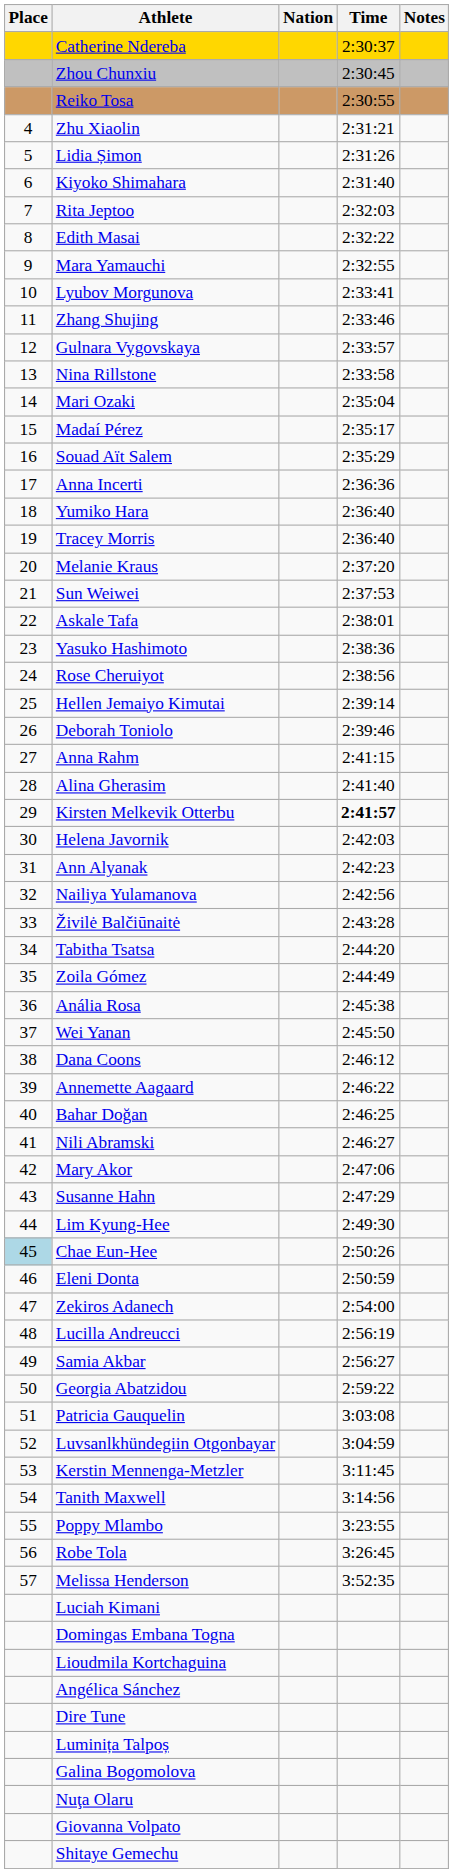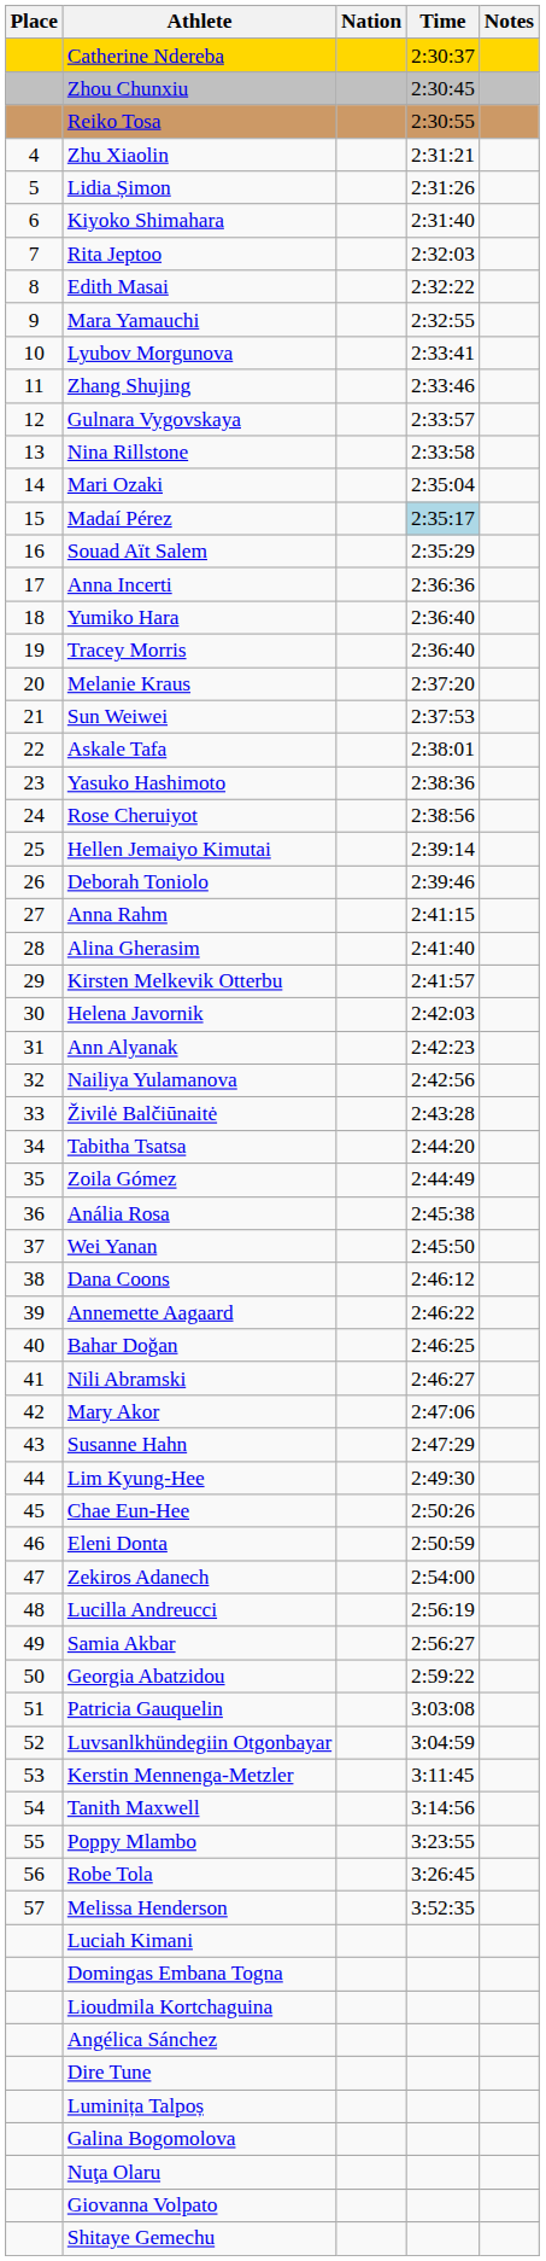 <table class="wikitable sortable" style="text-align:center">
 <tr>
 <th>Place</th>
 <th>Athlete</th>
 <th>Nation</th>
 <th>Time</th>
 <th>Notes</th>
 </tr>
 <tr bgcolor=gold>
 <td></td>
 <td align=left><a href='#'>Catherine Ndereba</a></td>
 <td align=left></td>
 <td>2:30:37</td>
 <td></td>
 </tr>
 <tr bgcolor=silver>
 <td></td>
 <td align=left><a href='#'>Zhou Chunxiu</a></td>
 <td align=left></td>
 <td>2:30:45</td>
 <td></td>
 </tr>
 <tr bgcolor=cc9966>
 <td></td>
 <td align=left><a href='#'>Reiko Tosa</a></td>
 <td align=left></td>
 <td>2:30:55</td>
 <td></td>
 </tr>
 <tr>
 <td>4</td>
 <td align=left><a href='#'>Zhu Xiaolin</a></td>
 <td align=left></td>
 <td>2:31:21</td>
 <td></td>
 </tr>
 <tr>
 <td>5</td>
 <td align=left><a href='#'>Lidia Șimon</a></td>
 <td align=left></td>
 <td>2:31:26</td>
 <td></td>
 </tr>
 <tr>
 <td>6</td>
 <td align=left><a href='#'>Kiyoko Shimahara</a></td>
 <td align=left></td>
 <td>2:31:40</td>
 <td></td>
 </tr>
 <tr>
 <td>7</td>
 <td align=left><a href='#'>Rita Jeptoo</a></td>
 <td align=left></td>
 <td>2:32:03</td>
 <td></td>
 </tr>
 <tr>
 <td>8</td>
 <td align=left><a href='#'>Edith Masai</a></td>
 <td align=left></td>
 <td>2:32:22</td>
 <td></td>
 </tr>
 <tr>
 <td>9</td>
 <td align=left><a href='#'>Mara Yamauchi</a></td>
 <td align=left></td>
 <td>2:32:55</td>
 <td></td>
 </tr>
 <tr>
 <td>10</td>
 <td align=left><a href='#'>Lyubov Morgunova</a></td>
 <td align=left></td>
 <td>2:33:41</td>
 <td></td>
 </tr>
 <tr>
 <td>11</td>
 <td align=left><a href='#'>Zhang Shujing</a></td>
 <td align=left></td>
 <td>2:33:46</td>
 <td></td>
 </tr>
 <tr>
 <td>12</td>
 <td align=left><a href='#'>Gulnara Vygovskaya</a></td>
 <td align=left></td>
 <td>2:33:57</td>
 <td></td>
 </tr>
 <tr>
 <td>13</td>
 <td align=left><a href='#'>Nina Rillstone</a></td>
 <td align=left></td>
 <td>2:33:58</td>
 <td></td>
 </tr>
 <tr>
 <td>14</td>
 <td align=left><a href='#'>Mari Ozaki</a></td>
 <td align=left></td>
 <td>2:35:04</td>
 <td></td>
 </tr>
 <tr>
 <td>15</td>
 <td align=left><a href='#'>Madaí Pérez</a></td>
 <td align=left></td>
-<td>2:35:17</td>
+<td style="background: lightblue;">2:35:17</td>
 <td></td>
 </tr>
 <tr>
 <td>16</td>
 <td align=left><a href='#'>Souad Aït Salem</a></td>
 <td align=left></td>
 <td>2:35:29</td>
 <td></td>
 </tr>
 <tr>
 <td>17</td>
 <td align=left><a href='#'>Anna Incerti</a></td>
 <td align=left></td>
 <td>2:36:36</td>
 <td></td>
 </tr>
 <tr>
 <td>18</td>
 <td align=left><a href='#'>Yumiko Hara</a></td>
 <td align=left></td>
 <td>2:36:40</td>
 <td></td>
 </tr>
 <tr>
 <td>19</td>
 <td align=left><a href='#'>Tracey Morris</a></td>
 <td align=left></td>
 <td>2:36:40</td>
 <td></td>
 </tr>
 <tr>
 <td>20</td>
 <td align=left><a href='#'>Melanie Kraus</a></td>
 <td align=left></td>
 <td>2:37:20</td>
 <td></td>
 </tr>
 <tr>
 <td>21</td>
 <td align=left><a href='#'>Sun Weiwei</a></td>
 <td align=left></td>
 <td>2:37:53</td>
 <td></td>
 </tr>
 <tr>
 <td>22</td>
 <td align=left><a href='#'>Askale Tafa</a></td>
 <td align=left></td>
 <td>2:38:01</td>
 <td></td>
 </tr>
 <tr>
 <td>23</td>
 <td align=left><a href='#'>Yasuko Hashimoto</a></td>
 <td align=left></td>
 <td>2:38:36</td>
 <td></td>
 </tr>
 <tr>
 <td>24</td>
 <td align=left><a href='#'>Rose Cheruiyot</a></td>
 <td align=left></td>
 <td>2:38:56</td>
 <td></td>
 </tr>
 <tr>
 <td>25</td>
 <td align=left><a href='#'>Hellen Jemaiyo Kimutai</a></td>
 <td align=left></td>
 <td>2:39:14</td>
 <td></td>
 </tr>
 <tr>
 <td>26</td>
 <td align=left><a href='#'>Deborah Toniolo</a></td>
 <td align=left></td>
 <td>2:39:46</td>
 <td></td>
 </tr>
 <tr>
 <td>27</td>
 <td align=left><a href='#'>Anna Rahm</a></td>
 <td align=left></td>
 <td>2:41:15</td>
 <td></td>
 </tr>
 <tr>
 <td>28</td>
 <td align=left><a href='#'>Alina Gherasim</a></td>
 <td align=left></td>
 <td>2:41:40</td>
 <td></td>
 </tr>
 <tr>
 <td>29</td>
 <td align=left><a href='#'>Kirsten Melkevik Otterbu</a></td>
 <td align=left></td>
-<td><strong>2:41:57</strong></td>
+<td>2:41:57</td>
 <td></td>
 </tr>
 <tr>
 <td>30</td>
 <td align=left><a href='#'>Helena Javornik</a></td>
 <td align=left></td>
 <td>2:42:03</td>
 <td></td>
 </tr>
 <tr>
 <td>31</td>
 <td align=left><a href='#'>Ann Alyanak</a></td>
 <td align=left></td>
 <td>2:42:23</td>
 <td></td>
 </tr>
 <tr>
 <td>32</td>
 <td align=left><a href='#'>Nailiya Yulamanova</a></td>
 <td align=left></td>
 <td>2:42:56</td>
 <td></td>
 </tr>
 <tr>
 <td>33</td>
 <td align=left><a href='#'>Živilė Balčiūnaitė</a></td>
 <td align=left></td>
 <td>2:43:28</td>
 <td></td>
 </tr>
 <tr>
 <td>34</td>
 <td align=left><a href='#'>Tabitha Tsatsa</a></td>
 <td align=left></td>
 <td>2:44:20</td>
 <td></td>
 </tr>
 <tr>
 <td>35</td>
 <td align=left><a href='#'>Zoila Gómez</a></td>
 <td align=left></td>
 <td>2:44:49</td>
 <td></td>
 </tr>
 <tr>
 <td>36</td>
 <td align=left><a href='#'>Anália Rosa</a></td>
 <td align=left></td>
 <td>2:45:38</td>
 <td></td>
 </tr>
 <tr>
 <td>37</td>
 <td align=left><a href='#'>Wei Yanan</a></td>
 <td align=left></td>
 <td>2:45:50</td>
 <td></td>
 </tr>
 <tr>
 <td>38</td>
 <td align=left><a href='#'>Dana Coons</a></td>
 <td align=left></td>
 <td>2:46:12</td>
 <td></td>
 </tr>
 <tr>
 <td>39</td>
 <td align=left><a href='#'>Annemette Aagaard</a></td>
 <td align=left></td>
 <td>2:46:22</td>
 <td></td>
 </tr>
 <tr>
 <td>40</td>
 <td align=left><a href='#'>Bahar Doğan</a></td>
 <td align=left></td>
 <td>2:46:25</td>
 <td></td>
 </tr>
 <tr>
 <td>41</td>
 <td align=left><a href='#'>Nili Abramski</a></td>
 <td align=left></td>
 <td>2:46:27</td>
 <td></td>
 </tr>
 <tr>
 <td>42</td>
 <td align=left><a href='#'>Mary Akor</a></td>
 <td align=left></td>
 <td>2:47:06</td>
 <td></td>
 </tr>
 <tr>
 <td>43</td>
 <td align=left><a href='#'>Susanne Hahn</a></td>
 <td align=left></td>
 <td>2:47:29</td>
 <td></td>
 </tr>
 <tr>
 <td>44</td>
 <td align=left><a href='#'>Lim Kyung-Hee</a></td>
 <td align=left></td>
 <td>2:49:30</td>
 <td></td>
 </tr>
 <tr>
-<td style="background: lightblue;">45</td>
+<td>45</td>
 <td align=left><a href='#'>Chae Eun-Hee</a></td>
 <td align=left></td>
 <td>2:50:26</td>
 <td></td>
 </tr>
 <tr>
 <td>46</td>
 <td align=left><a href='#'>Eleni Donta</a></td>
 <td align=left></td>
 <td>2:50:59</td>
 <td></td>
 </tr>
 <tr>
 <td>47</td>
 <td align=left><a href='#'>Zekiros Adanech</a></td>
 <td align=left></td>
 <td>2:54:00</td>
 <td></td>
 </tr>
 <tr>
 <td>48</td>
 <td align=left><a href='#'>Lucilla Andreucci</a></td>
 <td align=left></td>
 <td>2:56:19</td>
 <td></td>
 </tr>
 <tr>
 <td>49</td>
 <td align=left><a href='#'>Samia Akbar</a></td>
 <td align=left></td>
 <td>2:56:27</td>
 <td></td>
 </tr>
 <tr>
 <td>50</td>
 <td align=left><a href='#'>Georgia Abatzidou</a></td>
 <td align=left></td>
 <td>2:59:22</td>
 <td></td>
 </tr>
 <tr>
 <td>51</td>
 <td align=left><a href='#'>Patricia Gauquelin</a></td>
 <td align=left></td>
 <td>3:03:08</td>
 <td></td>
 </tr>
 <tr>
 <td>52</td>
 <td align=left><a href='#'>Luvsanlkhündegiin Otgonbayar</a></td>
 <td align=left></td>
 <td>3:04:59</td>
 <td></td>
 </tr>
 <tr>
 <td>53</td>
 <td align=left><a href='#'>Kerstin Mennenga-Metzler</a></td>
 <td align=left></td>
 <td>3:11:45</td>
 <td></td>
 </tr>
 <tr>
 <td>54</td>
 <td align=left><a href='#'>Tanith Maxwell</a></td>
 <td align=left></td>
 <td>3:14:56</td>
 <td></td>
 </tr>
 <tr>
 <td>55</td>
 <td align=left><a href='#'>Poppy Mlambo</a></td>
 <td align=left></td>
 <td>3:23:55</td>
 <td></td>
 </tr>
 <tr>
 <td>56</td>
 <td align=left><a href='#'>Robe Tola</a></td>
 <td align=left></td>
 <td>3:26:45</td>
 <td></td>
 </tr>
 <tr>
 <td>57</td>
 <td align=left><a href='#'>Melissa Henderson</a></td>
 <td align=left></td>
 <td>3:52:35</td>
 <td></td>
 </tr>
 <tr>
 <td></td>
 <td align=left><a href='#'>Luciah Kimani</a></td>
 <td align=left></td>
 <td></td>
 <td></td>
 </tr>
 <tr>
 <td></td>
 <td align=left><a href='#'>Domingas Embana Togna</a></td>
 <td align=left></td>
 <td></td>
 <td></td>
 </tr>
 <tr>
 <td></td>
 <td align=left><a href='#'>Lioudmila Kortchaguina</a></td>
 <td align=left></td>
 <td></td>
 <td></td>
 </tr>
 <tr>
 <td></td>
 <td align=left><a href='#'>Angélica Sánchez</a></td>
 <td align=left></td>
 <td></td>
 <td></td>
 </tr>
 <tr>
 <td></td>
 <td align=left><a href='#'>Dire Tune</a></td>
 <td align=left></td>
 <td></td>
 <td></td>
 </tr>
 <tr>
 <td></td>
 <td align=left><a href='#'>Luminița Talpoș</a></td>
 <td align=left></td>
 <td></td>
 <td></td>
 </tr>
 <tr>
 <td></td>
 <td align=left><a href='#'>Galina Bogomolova</a></td>
 <td align=left></td>
 <td></td>
 <td></td>
 </tr>
 <tr>
 <td></td>
 <td align=left><a href='#'>Nuţa Olaru</a></td>
 <td align=left></td>
 <td></td>
 <td></td>
 </tr>
 <tr>
 <td></td>
 <td align=left><a href='#'>Giovanna Volpato</a></td>
 <td align=left></td>
 <td></td>
 <td></td>
 </tr>
 <tr>
 <td></td>
 <td align=left><a href='#'>Shitaye Gemechu</a></td>
 <td align=left></td>
 <td></td>
 <td></td>
 </tr>
 </table>
